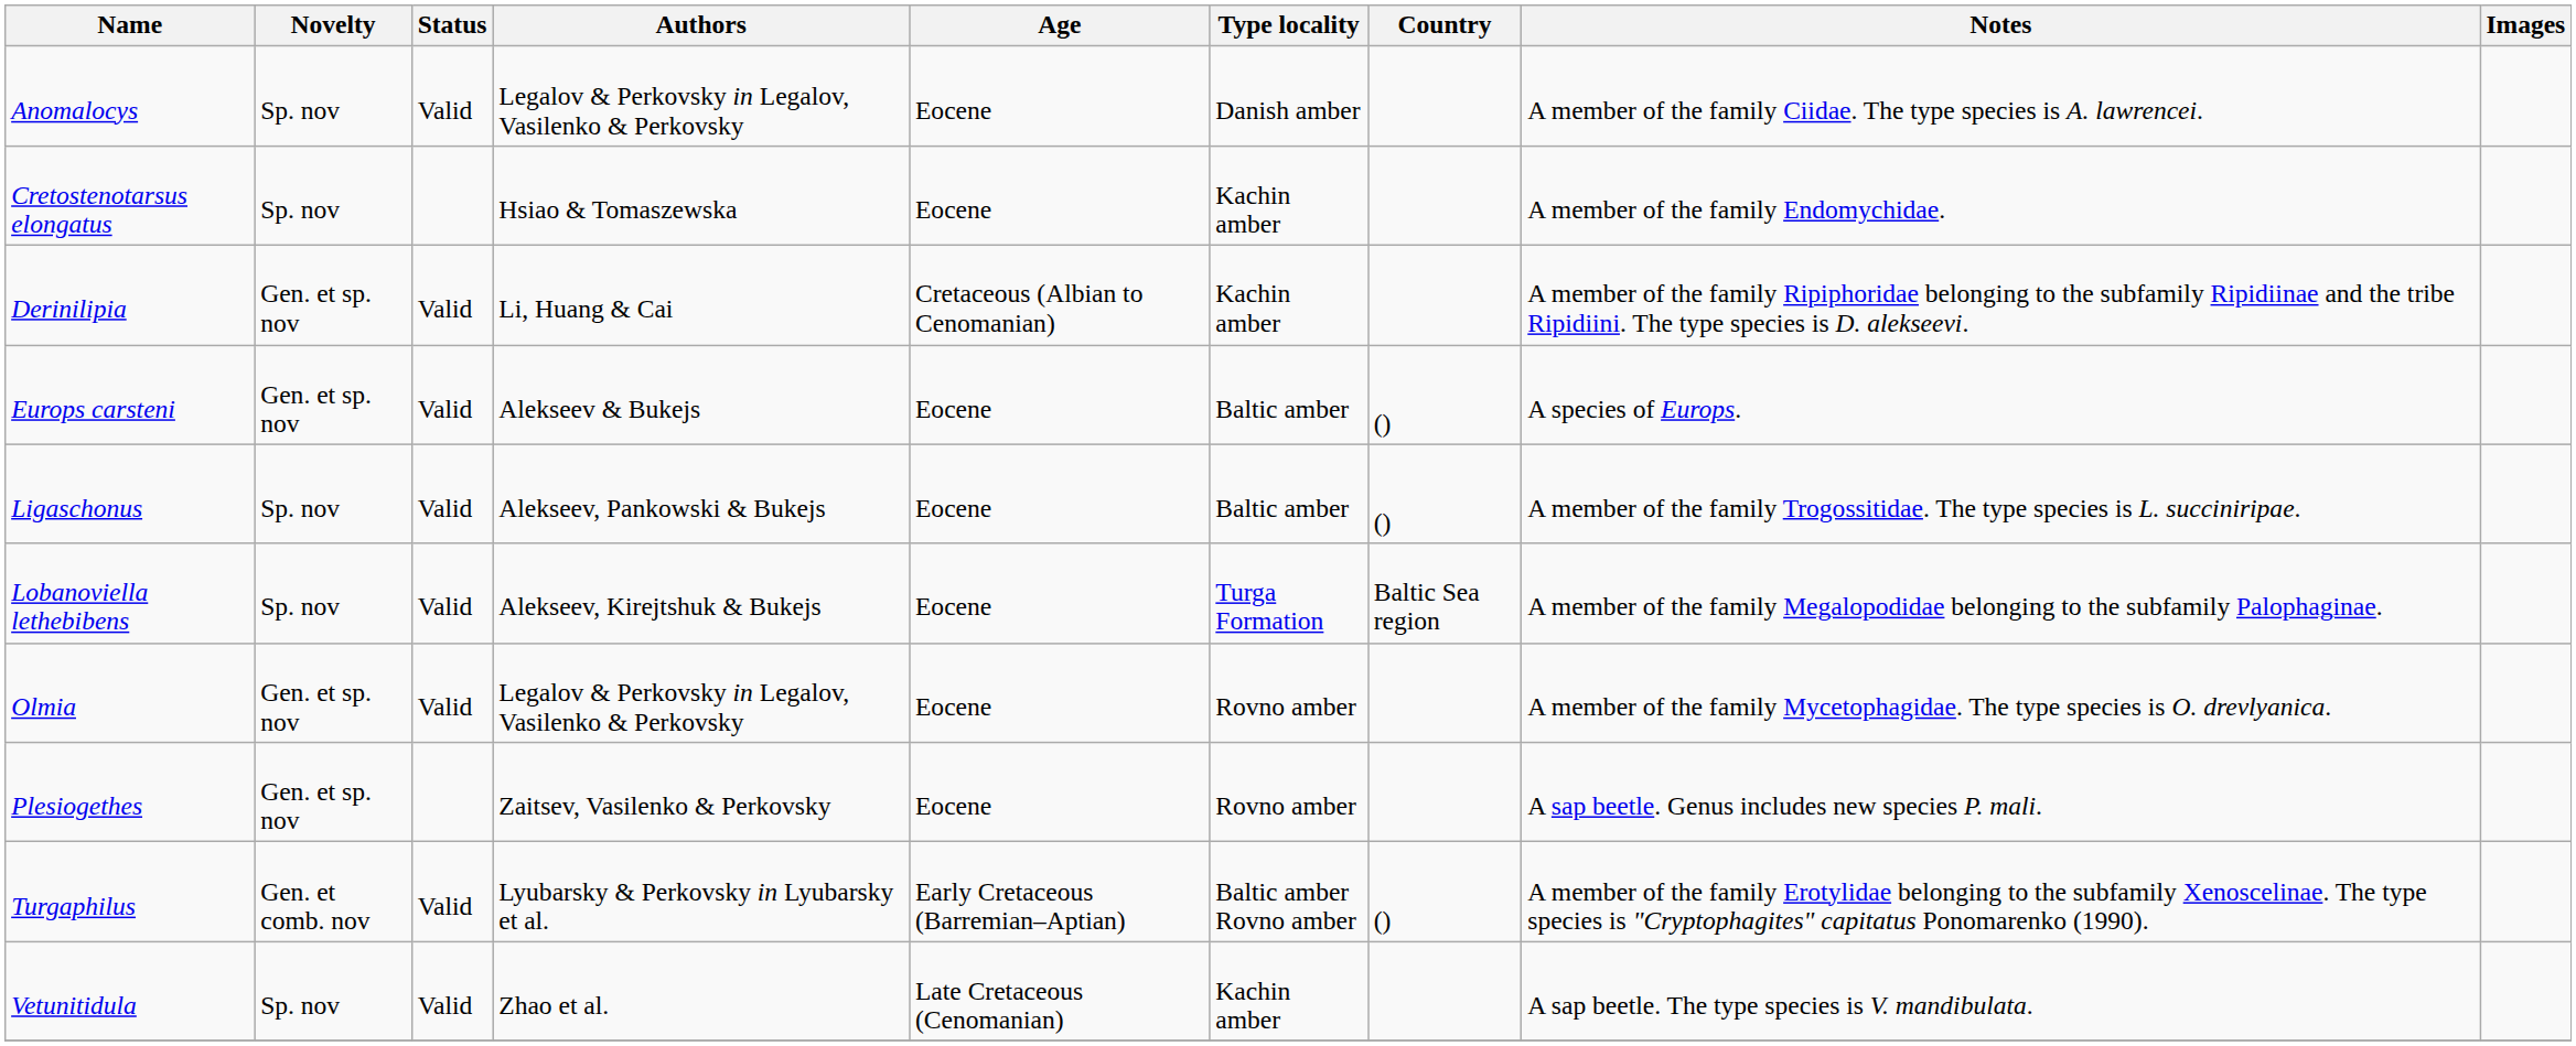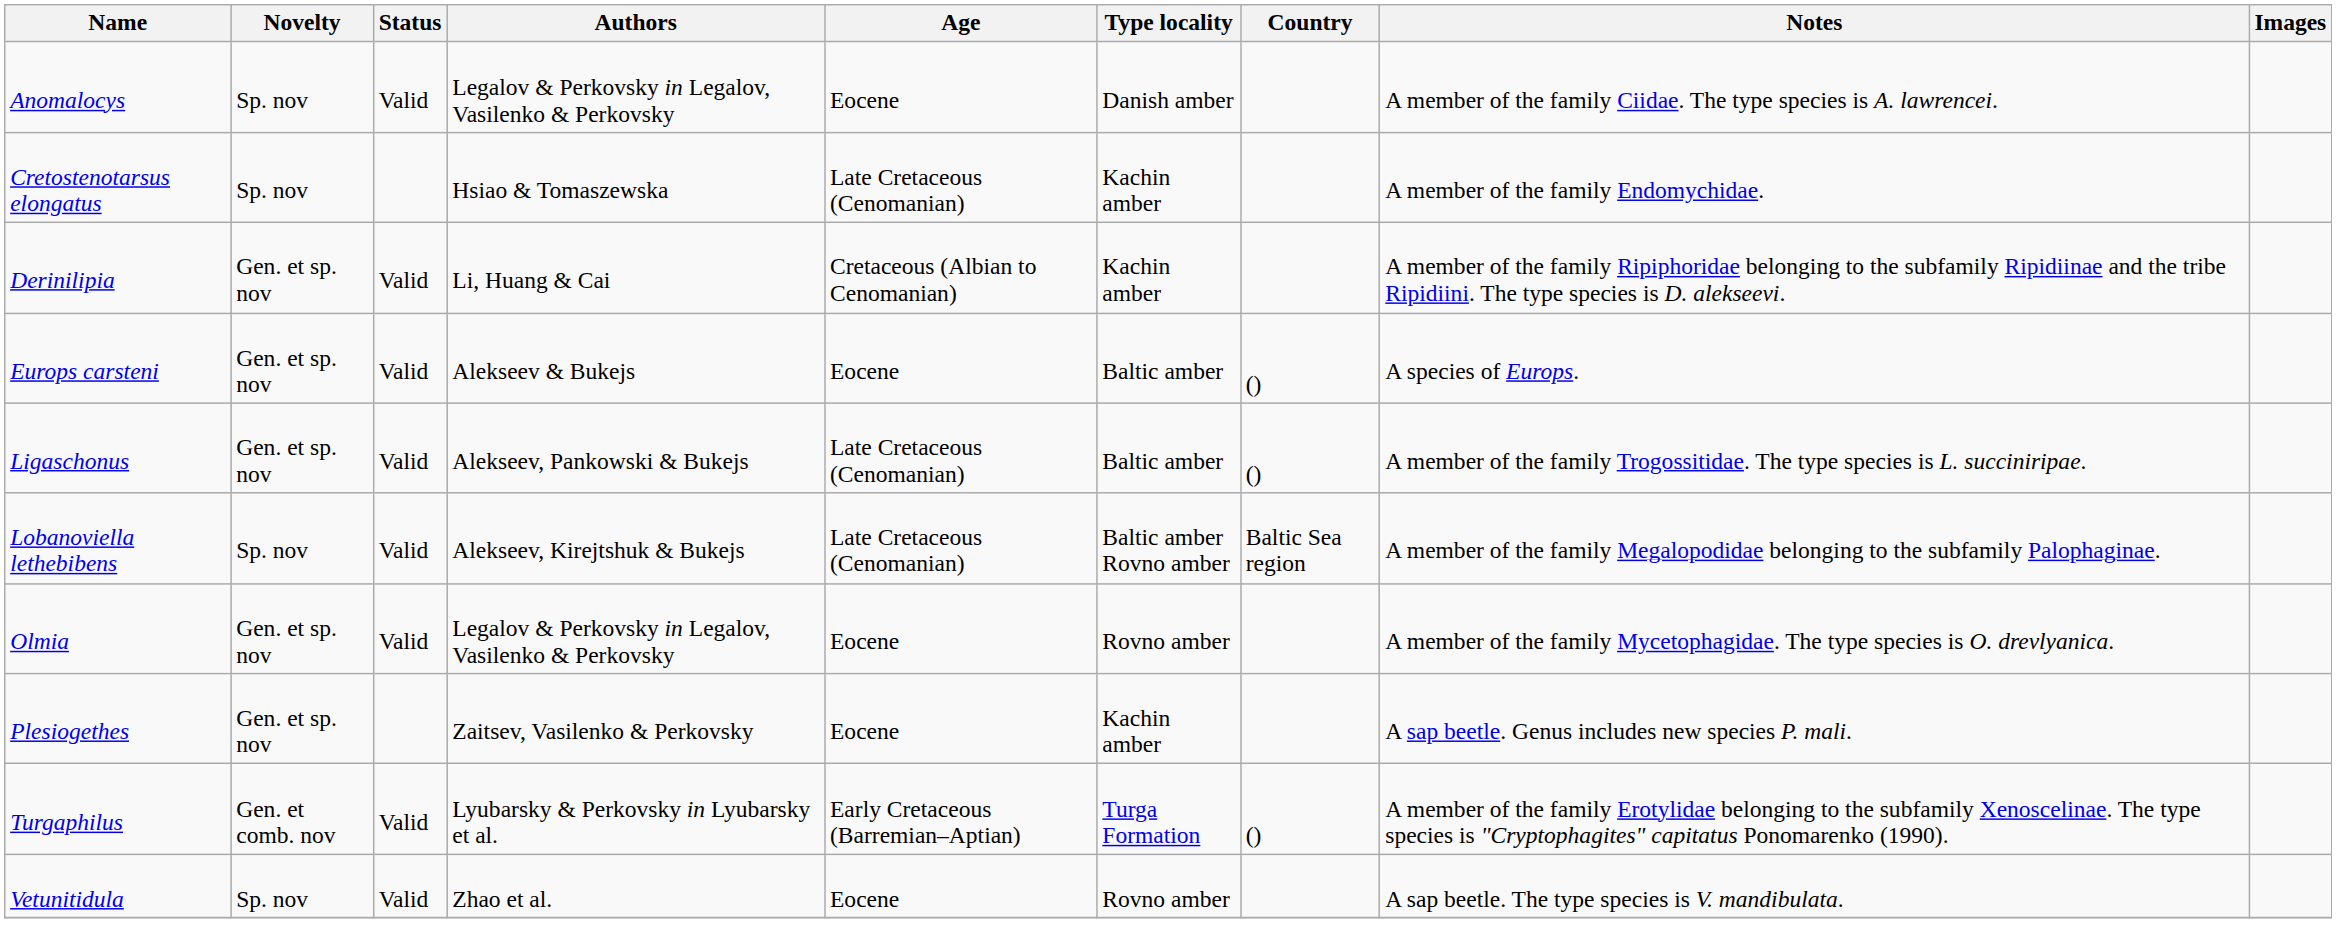 <table class="wikitable sortable" align="center" width="100%">
 <tr>
 <th>Name</th>
 <th>Novelty</th>
 <th>Status</th>
 <th>Authors</th>
 <th>Age</th>
 <th>Type locality</th>
 <th>Country</th>
 <th>Notes</th>
 <th>Images</th>
 </tr>
 <tr>
 <td><br><em><a href='#'>Anomalocys</a></em></td>
 <td><br>Sp. nov</td>
 <td><br>Valid</td>
 <td><br>Legalov & Perkovsky <em>in</em> Legalov, Vasilenko & Perkovsky</td>
 <td><br>Eocene</td>
 <td><br>Danish amber</td>
 <td><br></td>
 <td><br>A member of the family <a href='#'>Ciidae</a>. The type species is <em>A. lawrencei</em>.</td>
 <td></td>
 </tr>
 <tr>
 <td><br><em><a href='#'>Cretostenotarsus elongatus</a></em></td>
 <td><br>Sp. nov</td>
 <td></td>
 <td><br>Hsiao & Tomaszewska</td>
-<td><br>Eocene</td>
+<td><br>Late Cretaceous (Cenomanian)</td>
 <td><br>Kachin amber</td>
 <td><br></td>
 <td><br>A member of the family <a href='#'>Endomychidae</a>.</td>
 <td></td>
 </tr>
 <tr>
 <td><br><em><a href='#'>Derinilipia</a></em></td>
 <td><br>Gen. et sp. nov</td>
 <td><br>Valid</td>
 <td><br>Li, Huang & Cai</td>
 <td><br>Cretaceous (Albian to Cenomanian)</td>
 <td><br>Kachin amber</td>
 <td><br></td>
 <td><br>A member of the family <a href='#'>Ripiphoridae</a> belonging to the subfamily <a href='#'>Ripidiinae</a> and the tribe <a href='#'>Ripidiini</a>. The type species is <em>D. alekseevi</em>.</td>
 <td></td>
 </tr>
 <tr>
 <td><br><em><a href='#'>Europs carsteni</a></em></td>
 <td><br>Gen. et sp. nov</td>
 <td><br>Valid</td>
 <td><br>Alekseev & Bukejs</td>
 <td><br>Eocene</td>
 <td><br>Baltic amber</td>
 <td><br><br>()</td>
 <td><br>A species of <em><a href='#'>Europs</a></em>.</td>
 <td></td>
 </tr>
 <tr>
 <td><br><em><a href='#'>Ligaschonus</a></em></td>
-<td><br>Sp. nov</td>
+<td><br>Gen. et sp. nov</td>
 <td><br>Valid</td>
 <td><br>Alekseev, Pankowski & Bukejs</td>
-<td><br>Eocene</td>
+<td><br>Late Cretaceous (Cenomanian)</td>
 <td><br>Baltic amber</td>
 <td><br><br>()</td>
 <td><br>A member of the family <a href='#'>Trogossitidae</a>. The type species is <em>L. succiniripae</em>.</td>
 <td></td>
 </tr>
 <tr>
 <td><br><em><a href='#'>Lobanoviella lethebibens</a></em></td>
 <td><br>Sp. nov</td>
 <td><br>Valid</td>
 <td><br>Alekseev, Kirejtshuk & Bukejs</td>
-<td><br>Eocene</td>
-<td><br><a href='#'>Turga Formation</a></td>
+<td><br>Late Cretaceous (Cenomanian)</td>
+<td><br>Baltic amber<br> Rovno amber</td>
 <td><br>Baltic Sea region<br> </td>
 <td><br>A member of the family <a href='#'>Megalopodidae</a> belonging to the subfamily <a href='#'>Palophaginae</a>.</td>
 <td></td>
 </tr>
 <tr>
 <td><br><em><a href='#'>Olmia</a></em></td>
 <td><br>Gen. et sp. nov</td>
 <td><br>Valid</td>
 <td><br>Legalov & Perkovsky <em>in</em> Legalov, Vasilenko & Perkovsky</td>
 <td><br>Eocene</td>
 <td><br>Rovno amber</td>
 <td><br></td>
 <td><br>A member of the family <a href='#'>Mycetophagidae</a>. The type species is <em>O. drevlyanica</em>.</td>
 <td></td>
 </tr>
 <tr>
 <td><br><em><a href='#'>Plesiogethes</a></em></td>
 <td><br>Gen. et sp. nov</td>
 <td></td>
 <td><br>Zaitsev, Vasilenko & Perkovsky</td>
 <td><br>Eocene</td>
-<td><br>Rovno amber</td>
+<td><br>Kachin amber</td>
 <td><br></td>
 <td><br>A <a href='#'>sap beetle</a>. Genus includes new species <em>P. mali</em>.</td>
 <td></td>
 </tr>
 <tr>
 <td><br><em><a href='#'>Turgaphilus</a></em></td>
 <td><br>Gen. et comb. nov</td>
 <td><br>Valid</td>
 <td><br>Lyubarsky & Perkovsky <em>in</em> Lyubarsky et al.</td>
 <td><br>Early Cretaceous (Barremian–Aptian)</td>
-<td><br>Baltic amber<br> Rovno amber</td>
+<td><br><a href='#'>Turga Formation</a></td>
 <td><br><br>()</td>
 <td><br>A member of the family <a href='#'>Erotylidae</a> belonging to the subfamily <a href='#'>Xenoscelinae</a>. The type species is <em>"Cryptophagites" capitatus</em> Ponomarenko (1990).</td>
 <td></td>
 </tr>
 <tr>
 <td><br><em><a href='#'>Vetunitidula</a></em></td>
 <td><br>Sp. nov</td>
 <td><br>Valid</td>
 <td><br>Zhao et al.</td>
-<td><br>Late Cretaceous (Cenomanian)</td>
-<td><br>Kachin amber</td>
+<td><br>Eocene</td>
+<td><br>Rovno amber</td>
 <td><br></td>
 <td><br>A sap beetle. The type species is <em>V. mandibulata</em>.</td>
 <td></td>
 </tr>
 <tr>
 </tr>
 </table>
